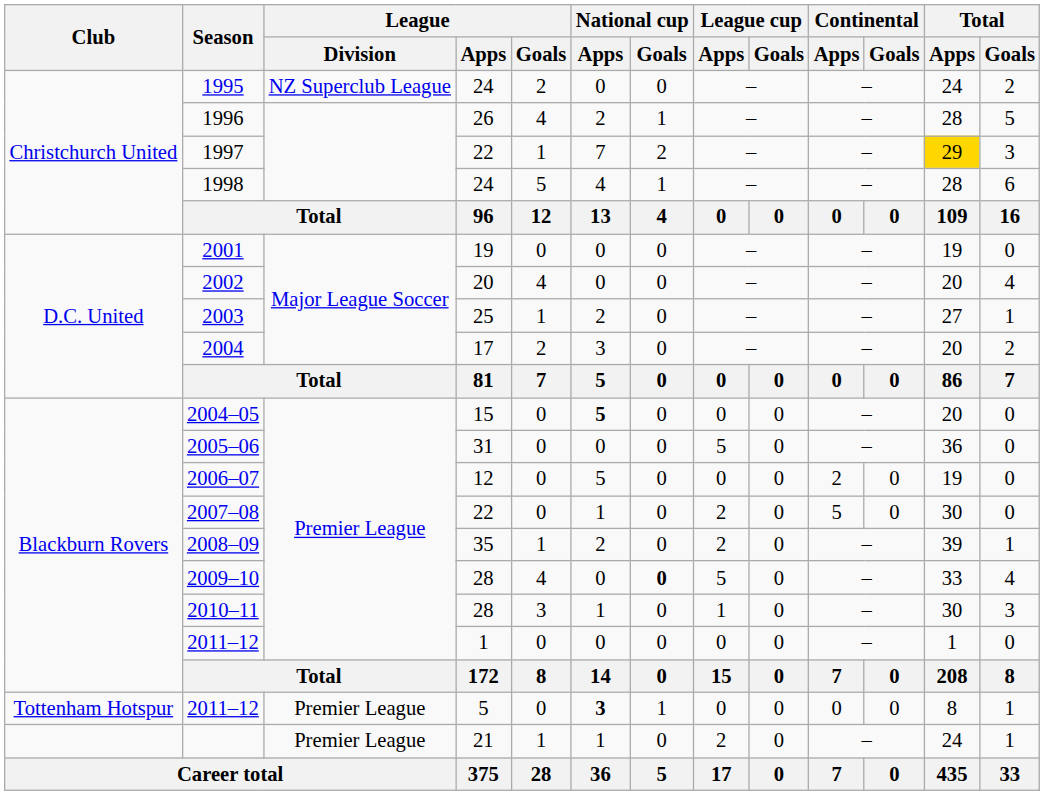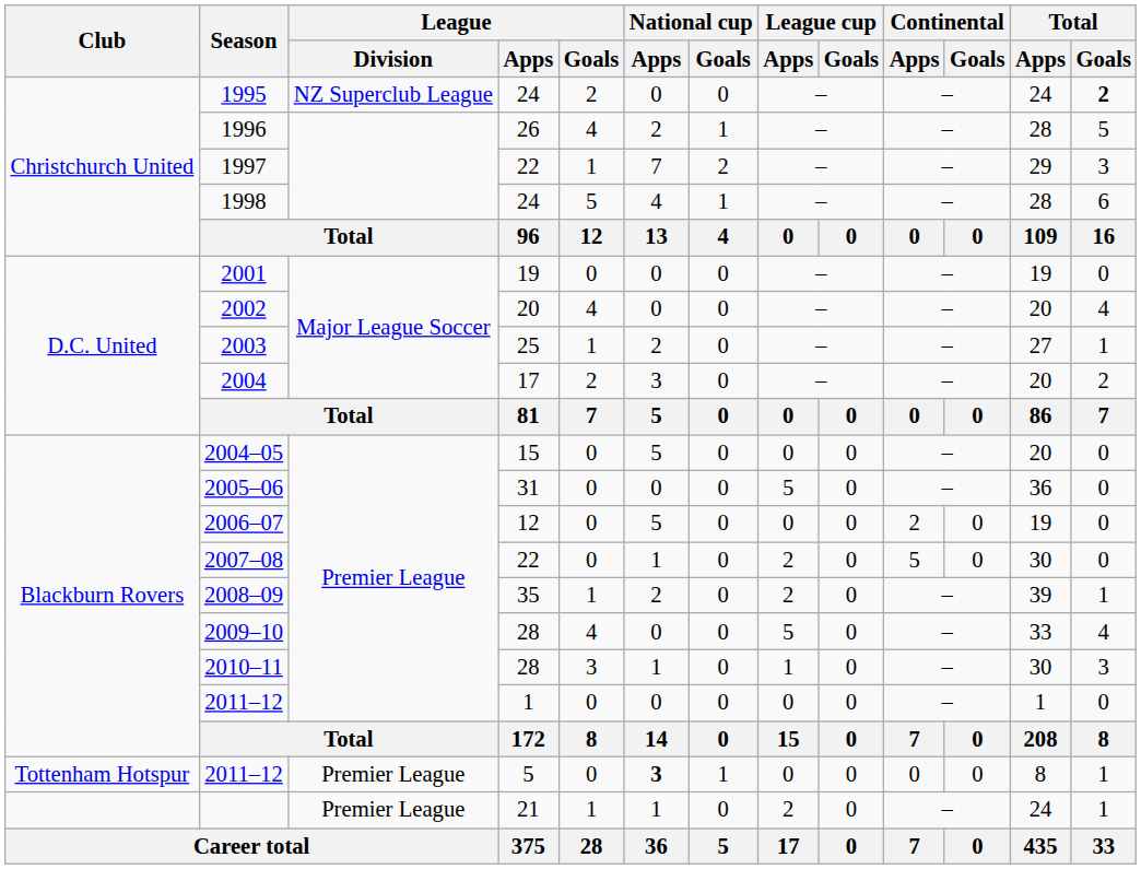 <table class="wikitable" style="text-align:center">
 <tr>
 <th rowspan="2">Club</th>
 <th rowspan="2">Season</th>
 <th colspan="3">League</th>
 <th colspan="2">National cup</th>
 <th colspan="2">League cup</th>
 <th colspan="2">Continental</th>
 <th colspan="2">Total</th>
 </tr>
 <tr>
 <th>Division</th>
 <th>Apps</th>
 <th>Goals</th>
 <th>Apps</th>
 <th>Goals</th>
 <th>Apps</th>
 <th>Goals</th>
 <th>Apps</th>
 <th>Goals</th>
 <th>Apps</th>
 <th>Goals</th>
 </tr>
 <tr>
 <td rowspan="5"><a href='#'>Christchurch United</a></td>
 <td><a href='#'>1995</a></td>
 <td><a href='#'>NZ Superclub League</a></td>
 <td>24</td>
 <td>2</td>
 <td>0</td>
 <td>0</td>
 <td colspan="2">–</td>
 <td colspan="2">–</td>
 <td>24</td>
-<td>2</td>
+<td><strong>2</strong></td>
 </tr>
 <tr>
 <td>1996</td>
 <td rowspan=3></td>
 <td>26</td>
 <td>4</td>
 <td>2</td>
 <td>1</td>
 <td colspan="2">–</td>
 <td colspan="2">–</td>
 <td>28</td>
 <td>5</td>
 </tr>
 <tr>
 <td>1997</td>
 <td>22</td>
 <td>1</td>
 <td>7</td>
 <td>2</td>
 <td colspan="2">–</td>
 <td colspan="2">–</td>
-<td style="background: gold;">29</td>
+<td>29</td>
 <td>3</td>
 </tr>
 <tr>
 <td>1998</td>
 <td>24</td>
 <td>5</td>
 <td>4</td>
 <td>1</td>
 <td colspan="2">–</td>
 <td colspan="2">–</td>
 <td>28</td>
 <td>6</td>
 </tr>
 <tr>
 <th colspan="2">Total</th>
 <th>96</th>
 <th>12</th>
 <th>13</th>
 <th>4</th>
 <th>0</th>
 <th>0</th>
 <th>0</th>
 <th>0</th>
 <th>109</th>
 <th>16</th>
 </tr>
 <tr>
 <td rowspan="5"><a href='#'>D.C. United</a></td>
 <td><a href='#'>2001</a></td>
 <td rowspan=4><a href='#'>Major League Soccer</a></td>
 <td>19</td>
 <td>0</td>
 <td>0</td>
 <td>0</td>
 <td colspan="2">–</td>
 <td colspan="2">–</td>
 <td>19</td>
 <td>0</td>
 </tr>
 <tr>
 <td><a href='#'>2002</a></td>
 <td>20</td>
 <td>4</td>
 <td>0</td>
 <td>0</td>
 <td colspan="2">–</td>
 <td colspan="2">–</td>
 <td>20</td>
 <td>4</td>
 </tr>
 <tr>
 <td><a href='#'>2003</a></td>
 <td>25</td>
 <td>1</td>
 <td>2</td>
 <td>0</td>
 <td colspan="2">–</td>
 <td colspan="2">–</td>
 <td>27</td>
 <td>1</td>
 </tr>
 <tr>
 <td><a href='#'>2004</a></td>
 <td>17</td>
 <td>2</td>
 <td>3</td>
 <td>0</td>
 <td colspan="2">–</td>
 <td colspan="2">–</td>
 <td>20</td>
 <td>2</td>
 </tr>
 <tr>
 <th colspan="2">Total</th>
 <th>81</th>
 <th>7</th>
 <th>5</th>
 <th>0</th>
 <th>0</th>
 <th>0</th>
 <th>0</th>
 <th>0</th>
 <th>86</th>
 <th>7</th>
 </tr>
 <tr>
 <td rowspan="9"><a href='#'>Blackburn Rovers</a></td>
 <td><a href='#'>2004–05</a></td>
 <td rowspan=8><a href='#'>Premier League</a></td>
 <td>15</td>
 <td>0</td>
-<td><strong>5</strong></td>
+<td>5</td>
 <td>0</td>
 <td>0</td>
 <td>0</td>
 <td colspan="2">–</td>
 <td>20</td>
 <td>0</td>
 </tr>
 <tr>
 <td><a href='#'>2005–06</a></td>
 <td>31</td>
 <td>0</td>
 <td>0</td>
 <td>0</td>
 <td>5</td>
 <td>0</td>
 <td colspan="2">–</td>
 <td>36</td>
 <td>0</td>
 </tr>
 <tr>
 <td><a href='#'>2006–07</a></td>
 <td>12</td>
 <td>0</td>
 <td>5</td>
 <td>0</td>
 <td>0</td>
 <td>0</td>
 <td>2</td>
 <td>0</td>
 <td>19</td>
 <td>0</td>
 </tr>
 <tr>
 <td><a href='#'>2007–08</a></td>
 <td>22</td>
 <td>0</td>
 <td>1</td>
 <td>0</td>
 <td>2</td>
 <td>0</td>
 <td>5</td>
 <td>0</td>
 <td>30</td>
 <td>0</td>
 </tr>
 <tr>
 <td><a href='#'>2008–09</a></td>
 <td>35</td>
 <td>1</td>
 <td>2</td>
 <td>0</td>
 <td>2</td>
 <td>0</td>
 <td colspan="2">–</td>
 <td>39</td>
 <td>1</td>
 </tr>
 <tr>
 <td><a href='#'>2009–10</a></td>
 <td>28</td>
 <td>4</td>
 <td>0</td>
-<td><strong>0</strong></td>
+<td>0</td>
 <td>5</td>
 <td>0</td>
 <td colspan="2">–</td>
 <td>33</td>
 <td>4</td>
 </tr>
 <tr>
 <td><a href='#'>2010–11</a></td>
 <td>28</td>
 <td>3</td>
 <td>1</td>
 <td>0</td>
 <td>1</td>
 <td>0</td>
 <td colspan="2">–</td>
 <td>30</td>
 <td>3</td>
 </tr>
 <tr>
 <td><a href='#'>2011–12</a></td>
 <td>1</td>
 <td>0</td>
 <td>0</td>
 <td>0</td>
 <td>0</td>
 <td>0</td>
 <td colspan="2">–</td>
 <td>1</td>
 <td>0</td>
 </tr>
 <tr>
 <th colspan="2">Total</th>
 <th>172</th>
 <th>8</th>
 <th>14</th>
 <th>0</th>
 <th>15</th>
 <th>0</th>
 <th>7</th>
 <th>0</th>
 <th>208</th>
 <th>8</th>
 </tr>
 <tr>
 <td><a href='#'>Tottenham Hotspur</a></td>
 <td><a href='#'>2011–12</a></td>
 <td>Premier League</td>
 <td>5</td>
 <td>0</td>
 <td><strong>3</strong></td>
 <td>1</td>
 <td>0</td>
 <td>0</td>
 <td>0</td>
 <td>0</td>
 <td>8</td>
 <td>1</td>
 </tr>
 <tr>
 <td></td>
 <td></td>
 <td>Premier League</td>
 <td>21</td>
 <td>1</td>
 <td>1</td>
 <td>0</td>
 <td>2</td>
 <td>0</td>
 <td colspan="2">–</td>
 <td>24</td>
 <td>1</td>
 </tr>
 <tr>
 <th colspan="3">Career total</th>
 <th>375</th>
 <th>28</th>
 <th>36</th>
 <th>5</th>
 <th>17</th>
 <th>0</th>
 <th>7</th>
 <th>0</th>
 <th>435</th>
 <th>33</th>
 </tr>
 </table>
